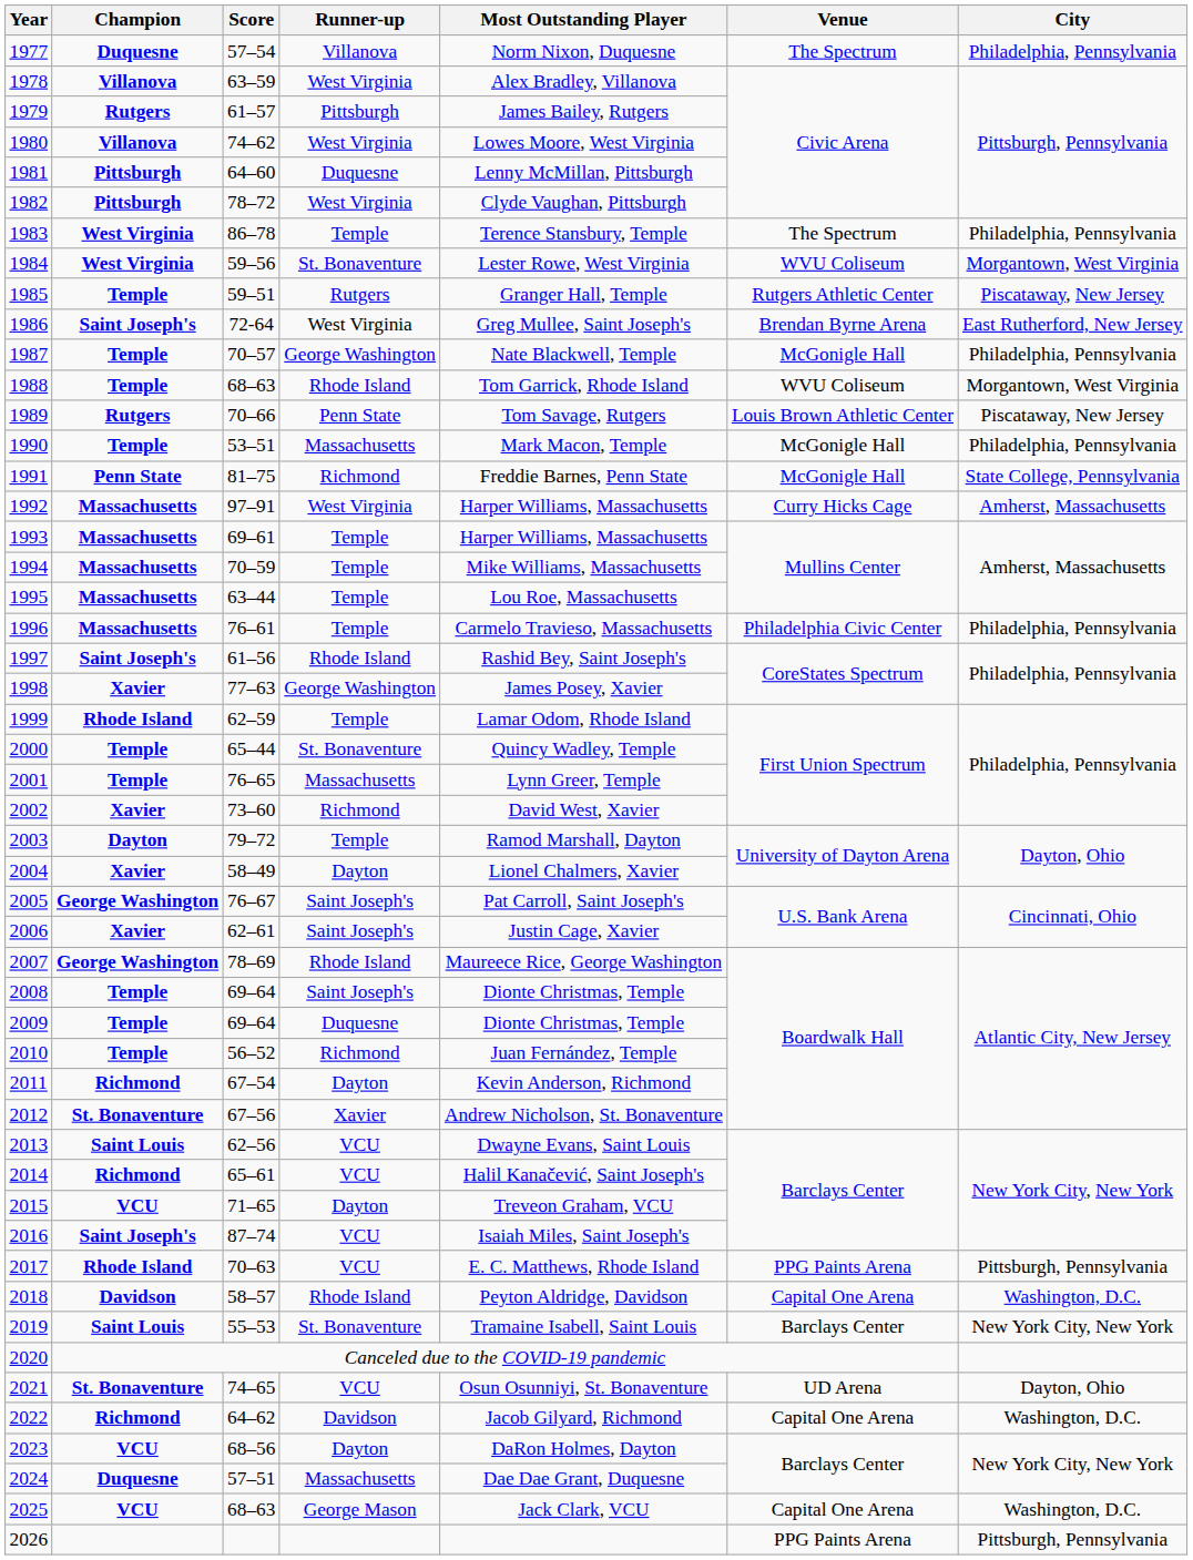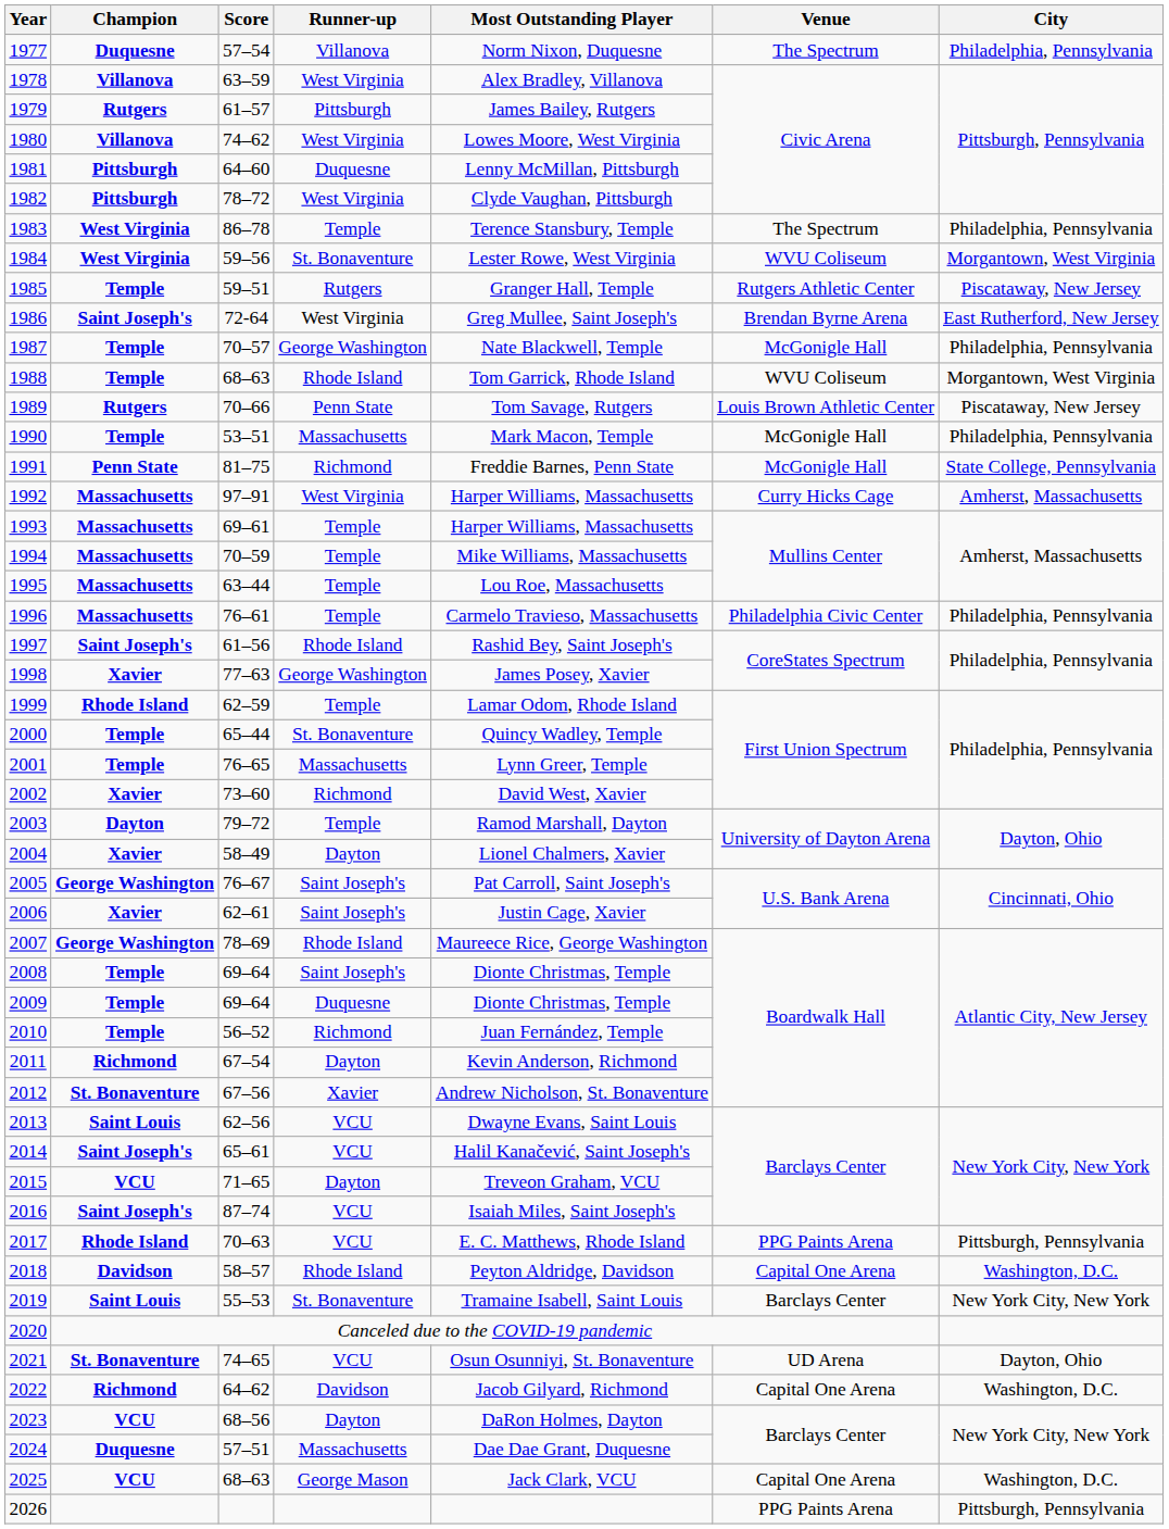 <table class="wikitable sortable" style="text-align:center">
 <tr>
 <th width=px>Year</th>
 <th width=px>Champion</th>
 <th width=px>Score</th>
 <th width=px>Runner-up</th>
 <th width=px>Most Outstanding Player</th>
 <th width=px>Venue</th>
 <th width=px>City</th>
 </tr>
 <tr>
 <td><a href='#'>1977</a></td>
 <td><strong><a href='#'>Duquesne</a></strong></td>
 <td>57–54</td>
 <td><a href='#'>Villanova</a></td>
 <td><a href='#'>Norm Nixon</a>, <a href='#'>Duquesne</a></td>
 <td><a href='#'>The Spectrum</a></td>
 <td><a href='#'>Philadelphia</a>, <a href='#'>Pennsylvania</a></td>
 </tr>
 <tr>
 <td><a href='#'>1978</a></td>
 <td><strong><a href='#'>Villanova</a></strong></td>
 <td>63–59</td>
 <td><a href='#'>West Virginia</a></td>
 <td><a href='#'>Alex Bradley</a>, <a href='#'>Villanova</a></td>
 <td rowspan=5><a href='#'>Civic Arena</a></td>
 <td rowspan=5><a href='#'>Pittsburgh</a>, <a href='#'>Pennsylvania</a></td>
 </tr>
 <tr>
 <td><a href='#'>1979</a></td>
 <td><strong><a href='#'>Rutgers</a></strong></td>
 <td>61–57</td>
 <td><a href='#'>Pittsburgh</a></td>
 <td><a href='#'>James Bailey</a>, <a href='#'>Rutgers</a></td>
 </tr>
 <tr>
 <td><a href='#'>1980</a></td>
 <td><strong><a href='#'>Villanova</a></strong></td>
 <td>74–62</td>
 <td><a href='#'>West Virginia</a></td>
 <td><a href='#'>Lowes Moore</a>, <a href='#'>West Virginia</a></td>
 </tr>
 <tr>
 <td><a href='#'>1981</a></td>
 <td><strong><a href='#'>Pittsburgh</a></strong></td>
 <td>64–60</td>
 <td><a href='#'>Duquesne</a></td>
 <td><a href='#'>Lenny McMillan</a>, <a href='#'>Pittsburgh</a></td>
 </tr>
 <tr>
 <td><a href='#'>1982</a></td>
 <td><strong><a href='#'>Pittsburgh</a></strong></td>
 <td>78–72</td>
 <td><a href='#'>West Virginia</a></td>
 <td><a href='#'>Clyde Vaughan</a>, <a href='#'>Pittsburgh</a></td>
 </tr>
 <tr>
 <td><a href='#'>1983</a></td>
 <td><strong><a href='#'>West Virginia</a></strong></td>
 <td>86–78</td>
 <td><a href='#'>Temple</a></td>
 <td><a href='#'>Terence Stansbury</a>, <a href='#'>Temple</a></td>
 <td>The Spectrum</td>
 <td>Philadelphia, Pennsylvania</td>
 </tr>
 <tr>
 <td><a href='#'>1984</a></td>
 <td><strong><a href='#'>West Virginia</a></strong></td>
 <td>59–56</td>
 <td><a href='#'>St. Bonaventure</a></td>
 <td><a href='#'>Lester Rowe</a>, <a href='#'>West Virginia</a></td>
 <td><a href='#'>WVU Coliseum</a></td>
 <td><a href='#'>Morgantown</a>, <a href='#'>West Virginia</a></td>
 </tr>
 <tr>
 <td><a href='#'>1985</a></td>
 <td><strong><a href='#'>Temple</a></strong></td>
 <td>59–51</td>
 <td><a href='#'>Rutgers</a></td>
 <td><a href='#'>Granger Hall</a>, <a href='#'>Temple</a></td>
 <td><a href='#'>Rutgers Athletic Center</a></td>
 <td><a href='#'>Piscataway</a>, <a href='#'>New Jersey</a></td>
 </tr>
 <tr>
 <td><a href='#'>1986</a></td>
 <td><strong><a href='#'>Saint Joseph's</a></strong></td>
 <td>72-64</td>
 <td>West Virginia</td>
 <td><a href='#'>Greg Mullee</a>, <a href='#'>Saint Joseph's</a></td>
 <td><a href='#'>Brendan Byrne Arena</a></td>
 <td><a href='#'>East Rutherford, New Jersey</a></td>
 </tr>
 <tr>
 <td><a href='#'>1987</a></td>
 <td><strong><a href='#'>Temple</a></strong></td>
 <td>70–57</td>
 <td><a href='#'>George Washington</a></td>
 <td><a href='#'>Nate Blackwell</a>, <a href='#'>Temple</a></td>
 <td><a href='#'>McGonigle Hall</a></td>
 <td>Philadelphia, Pennsylvania</td>
 </tr>
 <tr>
 <td><a href='#'>1988</a></td>
 <td><strong><a href='#'>Temple</a></strong></td>
 <td>68–63</td>
 <td><a href='#'>Rhode Island</a></td>
 <td><a href='#'>Tom Garrick</a>, <a href='#'>Rhode Island</a></td>
 <td>WVU Coliseum</td>
 <td>Morgantown, West Virginia</td>
 </tr>
 <tr>
 <td><a href='#'>1989</a></td>
 <td><strong><a href='#'>Rutgers</a></strong></td>
 <td>70–66</td>
 <td><a href='#'>Penn State</a></td>
 <td><a href='#'>Tom Savage</a>, <a href='#'>Rutgers</a></td>
 <td><a href='#'>Louis Brown Athletic Center</a></td>
 <td>Piscataway, New Jersey</td>
 </tr>
 <tr>
 <td><a href='#'>1990</a></td>
 <td><strong><a href='#'>Temple</a></strong></td>
 <td>53–51</td>
 <td><a href='#'>Massachusetts</a></td>
 <td><a href='#'>Mark Macon</a>, <a href='#'>Temple</a></td>
 <td>McGonigle Hall</td>
 <td>Philadelphia, Pennsylvania</td>
 </tr>
 <tr>
 <td><a href='#'>1991</a></td>
 <td><strong><a href='#'>Penn State</a></strong></td>
 <td>81–75</td>
 <td><a href='#'>Richmond</a></td>
 <td>Freddie Barnes, <a href='#'>Penn State</a></td>
 <td><a href='#'>McGonigle Hall</a></td>
 <td><a href='#'>State College, Pennsylvania</a></td>
 </tr>
 <tr>
 <td><a href='#'>1992</a></td>
 <td><strong><a href='#'>Massachusetts</a></strong></td>
 <td>97–91</td>
 <td><a href='#'>West Virginia</a></td>
 <td><a href='#'>Harper Williams</a>, <a href='#'>Massachusetts</a></td>
 <td><a href='#'>Curry Hicks Cage</a></td>
 <td><a href='#'>Amherst</a>, <a href='#'>Massachusetts</a></td>
 </tr>
 <tr>
 <td><a href='#'>1993</a></td>
 <td><strong><a href='#'>Massachusetts</a></strong></td>
 <td>69–61</td>
 <td><a href='#'>Temple</a></td>
 <td><a href='#'>Harper Williams</a>, <a href='#'>Massachusetts</a></td>
 <td rowspan=3><a href='#'>Mullins Center</a></td>
 <td rowspan=3>Amherst, Massachusetts</td>
 </tr>
 <tr>
 <td><a href='#'>1994</a></td>
 <td><strong><a href='#'>Massachusetts</a></strong></td>
 <td>70–59</td>
 <td><a href='#'>Temple</a></td>
 <td><a href='#'>Mike Williams</a>, <a href='#'>Massachusetts</a></td>
 </tr>
 <tr>
 <td><a href='#'>1995</a></td>
 <td><strong><a href='#'>Massachusetts</a></strong></td>
 <td>63–44</td>
 <td><a href='#'>Temple</a></td>
 <td><a href='#'>Lou Roe</a>, <a href='#'>Massachusetts</a></td>
 </tr>
 <tr>
 <td><a href='#'>1996</a></td>
 <td><strong><a href='#'>Massachusetts</a></strong></td>
 <td>76–61</td>
 <td><a href='#'>Temple</a></td>
 <td><a href='#'>Carmelo Travieso</a>, <a href='#'>Massachusetts</a></td>
 <td><a href='#'>Philadelphia Civic Center</a></td>
 <td>Philadelphia, Pennsylvania</td>
 </tr>
 <tr>
 <td><a href='#'>1997</a></td>
 <td><strong><a href='#'>Saint Joseph's</a></strong></td>
 <td>61–56</td>
 <td><a href='#'>Rhode Island</a></td>
 <td><a href='#'>Rashid Bey</a>, <a href='#'>Saint Joseph's</a></td>
 <td rowspan=2><a href='#'>CoreStates Spectrum</a></td>
 <td rowspan=2>Philadelphia, Pennsylvania</td>
 </tr>
 <tr>
 <td><a href='#'>1998</a></td>
 <td><strong><a href='#'>Xavier</a></strong></td>
 <td>77–63</td>
 <td><a href='#'>George Washington</a></td>
 <td><a href='#'>James Posey</a>, <a href='#'>Xavier</a></td>
 </tr>
 <tr>
 <td><a href='#'>1999</a></td>
 <td><strong><a href='#'>Rhode Island</a></strong></td>
 <td>62–59</td>
 <td><a href='#'>Temple</a></td>
 <td><a href='#'>Lamar Odom</a>, <a href='#'>Rhode Island</a></td>
 <td rowspan=4><a href='#'>First Union Spectrum</a></td>
 <td rowspan=4>Philadelphia, Pennsylvania</td>
 </tr>
 <tr>
 <td><a href='#'>2000</a></td>
 <td><strong><a href='#'>Temple</a></strong></td>
 <td>65–44</td>
 <td><a href='#'>St. Bonaventure</a></td>
 <td><a href='#'>Quincy Wadley</a>, <a href='#'>Temple</a></td>
 </tr>
 <tr>
 <td><a href='#'>2001</a></td>
 <td><strong><a href='#'>Temple</a></strong></td>
 <td>76–65</td>
 <td><a href='#'>Massachusetts</a></td>
 <td><a href='#'>Lynn Greer</a>, <a href='#'>Temple</a></td>
 </tr>
 <tr>
 <td><a href='#'>2002</a></td>
 <td><strong><a href='#'>Xavier</a></strong></td>
 <td>73–60</td>
 <td><a href='#'>Richmond</a></td>
 <td><a href='#'>David West</a>, <a href='#'>Xavier</a></td>
 </tr>
 <tr>
 <td><a href='#'>2003</a></td>
 <td><strong><a href='#'>Dayton</a></strong></td>
 <td>79–72</td>
 <td><a href='#'>Temple</a></td>
 <td><a href='#'>Ramod Marshall</a>, <a href='#'>Dayton</a></td>
 <td rowspan=2><a href='#'>University of Dayton Arena</a></td>
 <td rowspan=2><a href='#'>Dayton</a>, <a href='#'>Ohio</a></td>
 </tr>
 <tr>
 <td><a href='#'>2004</a></td>
 <td><strong><a href='#'>Xavier</a></strong></td>
 <td>58–49</td>
 <td><a href='#'>Dayton</a></td>
 <td><a href='#'>Lionel Chalmers</a>, <a href='#'>Xavier</a></td>
 </tr>
 <tr>
 <td><a href='#'>2005</a></td>
 <td><strong><a href='#'>George Washington</a></strong></td>
 <td>76–67</td>
 <td><a href='#'>Saint Joseph's</a></td>
 <td><a href='#'>Pat Carroll</a>, <a href='#'>Saint Joseph's</a></td>
 <td rowspan=2><a href='#'>U.S. Bank Arena</a></td>
 <td rowspan=2><a href='#'>Cincinnati, Ohio</a></td>
 </tr>
 <tr>
 <td><a href='#'>2006</a></td>
 <td><strong><a href='#'>Xavier</a></strong></td>
 <td>62–61</td>
 <td><a href='#'>Saint Joseph's</a></td>
 <td><a href='#'>Justin Cage</a>, <a href='#'>Xavier</a></td>
 </tr>
 <tr>
 <td><a href='#'>2007</a></td>
 <td><strong><a href='#'>George Washington</a></strong></td>
 <td>78–69</td>
 <td><a href='#'>Rhode Island</a></td>
 <td><a href='#'>Maureece Rice</a>, <a href='#'>George Washington</a></td>
 <td rowspan=6><a href='#'>Boardwalk Hall</a></td>
 <td rowspan=6><a href='#'>Atlantic City, New Jersey</a></td>
 </tr>
 <tr>
 <td><a href='#'>2008</a></td>
 <td><strong><a href='#'>Temple</a></strong></td>
 <td>69–64</td>
 <td><a href='#'>Saint Joseph's</a></td>
 <td><a href='#'>Dionte Christmas</a>, <a href='#'>Temple</a></td>
 </tr>
 <tr>
 <td><a href='#'>2009</a></td>
 <td><strong><a href='#'>Temple</a></strong></td>
 <td>69–64</td>
 <td><a href='#'>Duquesne</a></td>
 <td><a href='#'>Dionte Christmas</a>, <a href='#'>Temple</a></td>
 </tr>
 <tr>
 <td><a href='#'>2010</a></td>
 <td><strong><a href='#'>Temple</a></strong></td>
 <td>56–52</td>
 <td><a href='#'>Richmond</a></td>
 <td><a href='#'>Juan Fernández</a>, <a href='#'>Temple</a></td>
 </tr>
 <tr>
 <td><a href='#'>2011</a></td>
 <td><strong><a href='#'>Richmond</a></strong></td>
 <td>67–54</td>
 <td><a href='#'>Dayton</a></td>
 <td><a href='#'>Kevin Anderson</a>, <a href='#'>Richmond</a></td>
 </tr>
 <tr>
 <td><a href='#'>2012</a></td>
 <td><strong><a href='#'>St. Bonaventure</a></strong></td>
 <td>67–56</td>
 <td><a href='#'>Xavier</a></td>
 <td><a href='#'>Andrew Nicholson</a>, <a href='#'>St. Bonaventure</a></td>
 </tr>
 <tr>
 <td><a href='#'>2013</a></td>
 <td><strong><a href='#'>Saint Louis</a></strong></td>
 <td>62–56</td>
 <td><a href='#'>VCU</a></td>
 <td><a href='#'>Dwayne Evans</a>, <a href='#'>Saint Louis</a></td>
 <td rowspan=4><a href='#'>Barclays Center</a></td>
 <td rowspan=4><a href='#'>New York City</a>, <a href='#'>New York</a></td>
 </tr>
 <tr>
 <td><a href='#'>2014</a></td>
-<td><a href='#'><strong>Richmond</strong></a></td>
+<td><strong><a href='#'>Saint Joseph's</a></strong></td>
 <td>65–61</td>
 <td><a href='#'>VCU</a></td>
 <td><a href='#'>Halil Kanačević</a>, <a href='#'>Saint Joseph's</a></td>
 </tr>
 <tr>
 <td><a href='#'>2015</a></td>
 <td><strong><a href='#'>VCU</a></strong></td>
 <td>71–65</td>
 <td><a href='#'>Dayton</a></td>
 <td><a href='#'>Treveon Graham</a>, <a href='#'>VCU</a></td>
 </tr>
 <tr>
 <td><a href='#'>2016</a></td>
 <td><strong><a href='#'>Saint Joseph's</a></strong></td>
 <td>87–74</td>
 <td><a href='#'>VCU</a></td>
 <td><a href='#'>Isaiah Miles</a>, <a href='#'>Saint Joseph's</a></td>
 </tr>
 <tr>
 <td><a href='#'>2017</a></td>
 <td><strong><a href='#'>Rhode Island</a></strong></td>
 <td>70–63</td>
 <td><a href='#'>VCU</a></td>
 <td><a href='#'>E. C. Matthews</a>, <a href='#'>Rhode Island</a></td>
 <td><a href='#'>PPG Paints Arena</a></td>
 <td>Pittsburgh, Pennsylvania</td>
 </tr>
 <tr>
 <td><a href='#'>2018</a></td>
 <td><strong><a href='#'>Davidson</a></strong></td>
 <td>58–57</td>
 <td><a href='#'>Rhode Island</a></td>
 <td><a href='#'>Peyton Aldridge</a>, <a href='#'>Davidson</a></td>
 <td><a href='#'>Capital One Arena</a></td>
 <td><a href='#'>Washington, D.C.</a></td>
 </tr>
 <tr>
 <td><a href='#'>2019</a></td>
 <td><strong><a href='#'>Saint Louis</a></strong></td>
 <td>55–53</td>
 <td><a href='#'>St. Bonaventure</a></td>
 <td><a href='#'>Tramaine Isabell</a>, <a href='#'>Saint Louis</a></td>
 <td>Barclays Center</td>
 <td>New York City, New York</td>
 </tr>
 <tr>
 <td><a href='#'>2020</a></td>
 <td colspan=5><em>Canceled due to the <a href='#'>COVID-19 pandemic</a></em></td>
 </tr>
 <tr>
 <td><a href='#'>2021</a></td>
 <td><strong><a href='#'>St. Bonaventure</a></strong></td>
 <td>74–65</td>
 <td><a href='#'>VCU</a></td>
 <td><a href='#'>Osun Osunniyi</a>, <a href='#'>St. Bonaventure</a></td>
 <td>UD Arena</td>
 <td>Dayton, Ohio</td>
 </tr>
 <tr>
 <td><a href='#'>2022</a></td>
 <td><a href='#'><strong>Richmond</strong></a></td>
 <td>64–62</td>
 <td><a href='#'>Davidson</a></td>
 <td><a href='#'>Jacob Gilyard</a>, <a href='#'>Richmond</a></td>
 <td>Capital One Arena</td>
 <td>Washington, D.C.</td>
 </tr>
 <tr>
 <td><a href='#'>2023</a></td>
 <td><a href='#'><strong>VCU</strong></a></td>
 <td>68–56</td>
 <td><a href='#'>Dayton</a></td>
 <td><a href='#'>DaRon Holmes</a>, <a href='#'>Dayton</a></td>
 <td rowspan=2>Barclays Center</td>
 <td rowspan=2>New York City, New York</td>
 </tr>
 <tr>
 <td><a href='#'>2024</a></td>
 <td><a href='#'><strong>Duquesne</strong></a></td>
 <td>57–51</td>
 <td><a href='#'>Massachusetts</a></td>
 <td><a href='#'>Dae Dae Grant</a>, <a href='#'>Duquesne</a></td>
 </tr>
 <tr>
 <td><a href='#'>2025</a></td>
 <td><a href='#'><strong>VCU</strong></a></td>
 <td>68–63</td>
 <td><a href='#'>George Mason</a></td>
 <td><a href='#'>Jack Clark</a>, <a href='#'>VCU</a></td>
 <td>Capital One Arena</td>
 <td>Washington, D.C.</td>
 </tr>
 <tr>
 <td>2026</td>
 <td></td>
 <td></td>
 <td></td>
 <td></td>
 <td>PPG Paints Arena</td>
 <td>Pittsburgh, Pennsylvania</td>
 </tr>
 </table>
